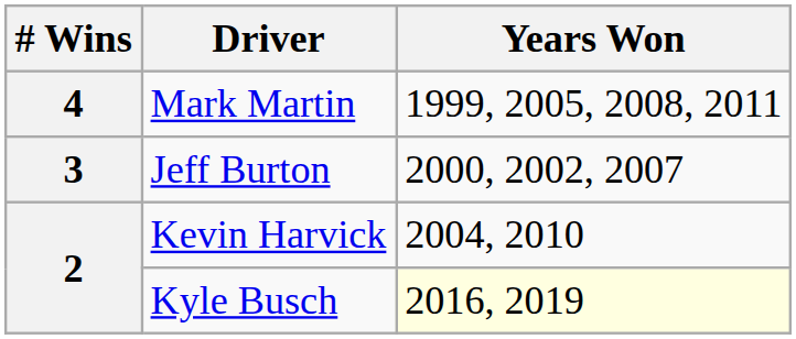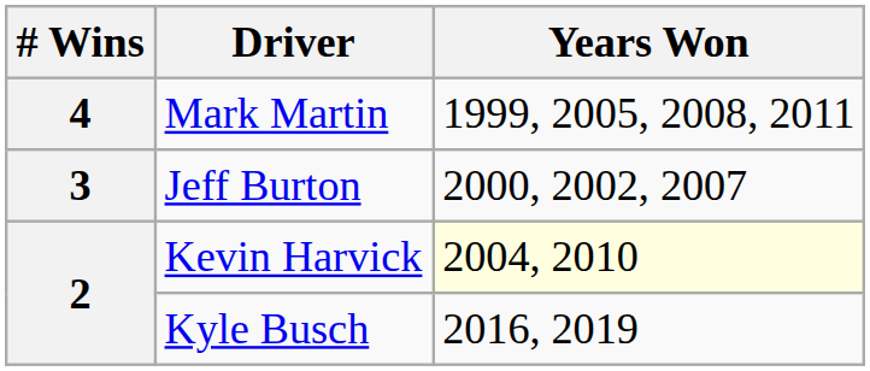 <table class="wikitable" style="font-size: 95%;">
 <tr>
 <th># Wins</th>
 <th>Driver</th>
 <th>Years Won</th>
 </tr>
 <tr>
 <th>4</th>
 <td><a href='#'>Mark Martin</a></td>
 <td>1999, 2005, 2008, 2011</td>
 </tr>
 <tr>
 <th>3</th>
 <td><a href='#'>Jeff Burton</a></td>
 <td>2000, 2002, 2007</td>
 </tr>
 <tr>
 <th rowspan="2">2</th>
 <td><a href='#'>Kevin Harvick</a></td>
-<td>2004, 2010</td>
+<td style="background: lightyellow;">2004, 2010</td>
 </tr>
 <tr>
 <td><a href='#'>Kyle Busch</a></td>
-<td style="background: lightyellow;">2016, 2019</td>
+<td>2016, 2019</td>
 </tr>
 </table>
